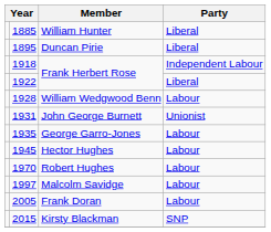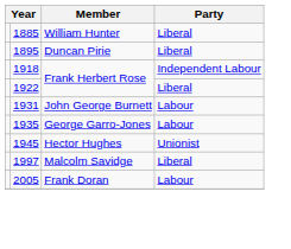 <table class="wikitable">
 <tr>
 <th colspan=2>Year</th>
 <th>Member</th>
 <th>Party</th>
 </tr>
 <tr>
 <td style="color:inherit;background-color: "></td>
 <td><a href='#'>1885</a></td>
 <td><a href='#'>William Hunter</a></td>
 <td><a href='#'>Liberal</a></td>
 </tr>
 <tr>
 <td style="color:inherit;background-color: "></td>
 <td><a href='#'>1895</a></td>
 <td><a href='#'>Duncan Pirie</a></td>
 <td><a href='#'>Liberal</a></td>
 </tr>
 <tr>
 <td style="color:inherit;background-color: "></td>
 <td><a href='#'>1918</a></td>
 <td rowspan="2"><a href='#'>Frank Herbert Rose</a></td>
 <td><a href='#'>Independent Labour</a></td>
 </tr>
 <tr>
 <td style="color:inherit;background-color: "></td>
 <td><a href='#'>1922</a></td>
 <td><a href='#'>Liberal</a></td>
 </tr>
 <tr>
 <td style="color:inherit;background-color: "></td>
-<td><a href='#'>1928</a></td>
-<td><a href='#'>William Wedgwood Benn</a></td>
-<td><a href='#'>Labour</a></td>
-</tr>
-<tr>
-<td style="color:inherit;background-color: "></td>
 <td><a href='#'>1931</a></td>
 <td><a href='#'>John George Burnett</a></td>
-<td><a href='#'>Unionist</a></td>
+<td><a href='#'>Labour</a></td>
 </tr>
 <tr>
 <td style="color:inherit;background-color: "></td>
 <td><a href='#'>1935</a></td>
 <td><a href='#'>George Garro-Jones</a></td>
 <td><a href='#'>Labour</a></td>
 </tr>
 <tr>
 <td style="color:inherit;background-color: "></td>
 <td><a href='#'>1945</a></td>
 <td><a href='#'>Hector Hughes</a></td>
-<td><a href='#'>Labour</a></td>
-</tr>
-<tr>
-<td style="color:inherit;background-color: "></td>
-<td><a href='#'>1970</a></td>
-<td><a href='#'>Robert Hughes</a></td>
-<td><a href='#'>Labour</a></td>
+<td><a href='#'>Unionist</a></td>
 </tr>
 <tr>
 <td style="color:inherit;background-color: "></td>
 <td><a href='#'>1997</a></td>
 <td><a href='#'>Malcolm Savidge</a></td>
-<td><a href='#'>Labour</a></td>
+<td><a href='#'>Liberal</a></td>
 </tr>
 <tr>
 <td style="color:inherit;background-color: "></td>
 <td><a href='#'>2005</a></td>
 <td><a href='#'>Frank Doran</a></td>
 <td><a href='#'>Labour</a></td>
 </tr>
 <tr>
-<td style="color:inherit;background-color: "></td>
-<td><a href='#'>2015</a></td>
-<td><a href='#'>Kirsty Blackman</a></td>
-<td><a href='#'>SNP</a></td>
-</tr>
-<tr>
 </tr>
 </table>
